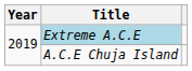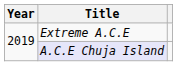 <table class="wikitable plainrowheaders" style="text-align:left;">
 <tr>
 <th scope="col">Year</th>
 <th scope="col">Title</th>
 <th scope="col"></th>
 </tr>
 <tr>
 <td rowspan="2">2019</td>
-<td style="background: lightblue;"><em>Extreme A.C.E</em></td>
+<td><em>Extreme A.C.E</em></td>
 <td></td>
 </tr>
 <tr>
-<td><em>A.C.E Chuja Island</em></td>
+<td style="background: lavender;"><em>A.C.E Chuja Island</em></td>
 <td></td>
 </tr>
 </table>
